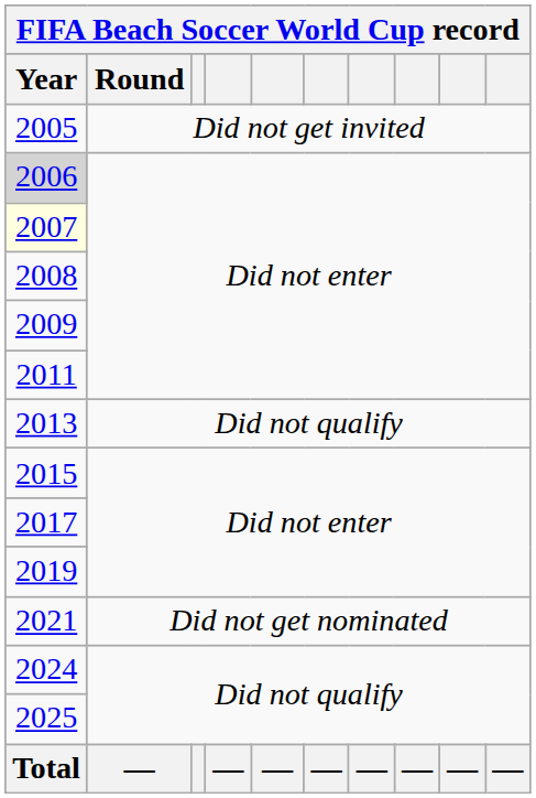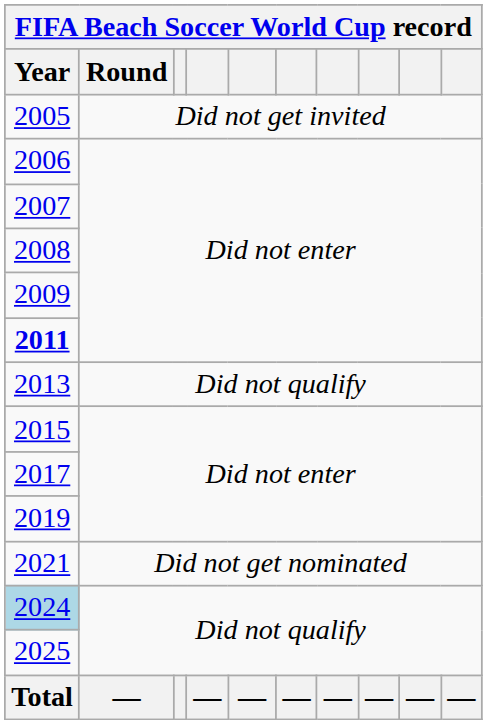 <table class="wikitable" style="text-align: center;">
 <tr>
 <th colspan=10><a href='#'>FIFA Beach Soccer World Cup</a> record</th>
 </tr>
 <tr>
 <th>Year</th>
 <th>Round</th>
 <th></th>
 <th></th>
 <th width=20></th>
 <th></th>
 <th></th>
 <th></th>
 <th></th>
 <th></th>
 </tr>
 <tr>
 <td> <a href='#'>2005</a></td>
 <td colspan=9><em>Did not get invited</em></td>
 </tr>
 <tr>
-<td style="background: lightgrey;"> <a href='#'>2006</a></td>
+<td> <a href='#'>2006</a></td>
 <td colspan=9 rowspan=5><em>Did not enter</em></td>
 </tr>
 <tr>
-<td style="background: lightyellow;"> <a href='#'>2007</a></td>
+<td> <a href='#'>2007</a></td>
 </tr>
 <tr>
 <td> <a href='#'>2008</a></td>
 </tr>
 <tr>
 <td> <a href='#'>2009</a></td>
 </tr>
 <tr>
-<td> <a href='#'>2011</a></td>
+<td><strong> <a href='#'>2011</a></strong></td>
 </tr>
 <tr>
 <td> <a href='#'>2013</a></td>
 <td colspan=9><em>Did not qualify</em></td>
 </tr>
 <tr>
 <td> <a href='#'>2015</a></td>
 <td colspan=9 rowspan=3><em>Did not enter</em></td>
 </tr>
 <tr>
 <td> <a href='#'>2017</a></td>
 </tr>
 <tr>
 <td> <a href='#'>2019</a></td>
 </tr>
 <tr>
 <td> <a href='#'>2021</a></td>
 <td colspan=9><em>Did not get nominated</em></td>
 </tr>
 <tr>
-<td> <a href='#'>2024</a></td>
+<td style="background: lightblue;"> <a href='#'>2024</a></td>
 <td colspan=9 rowspan=2><em>Did not qualify</em></td>
 </tr>
 <tr>
 <td> <a href='#'>2025</a></td>
 </tr>
 <tr>
 <th>Total</th>
 <th>—</th>
 <th></th>
 <th>—</th>
 <th>—</th>
 <th>—</th>
 <th>—</th>
 <th>—</th>
 <th>—</th>
 <th>—</th>
 </tr>
 </table>
